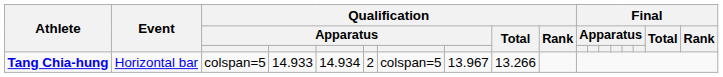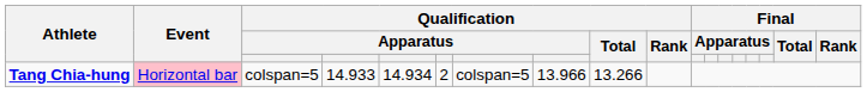 <table class="wikitable" style="font-size:90%">
 <tr>
 <th rowspan="3">Athlete</th>
 <th rowspan="3">Event</th>
 <th colspan="8">Qualification</th>
 <th colspan="8">Final</th>
 </tr>
 <tr style="font-size:95%">
 <th colspan="6">Apparatus</th>
 <th rowspan="2">Total</th>
 <th rowspan="2">Rank</th>
 <th colspan="6">Apparatus</th>
 <th rowspan="2">Total</th>
 <th rowspan="2">Rank</th>
 </tr>
 <tr style="font-size:95%">
 <th></th>
 <th></th>
 <th></th>
 <th></th>
 <th></th>
 <th></th>
 <th></th>
 <th></th>
 <th></th>
 <th></th>
 <th></th>
 <th></th>
 </tr>
 <tr align=center>
 <td align=left><strong><a href='#'>Tang Chia-hung</a></strong></td>
-<td align=left><a href='#'>Horizontal bar</a></td>
+<td align=left style="background: pink;"><a href='#'>Horizontal bar</a></td>
 <td>colspan=5 </td>
 <td>14.933</td>
 <td>14.934</td>
 <td>2</td>
 <td>colspan=5 </td>
-<td>13.967</td>
+<td>13.966</td>
 <td>13.266</td>
 <td></td>
 </tr>
 </table>
